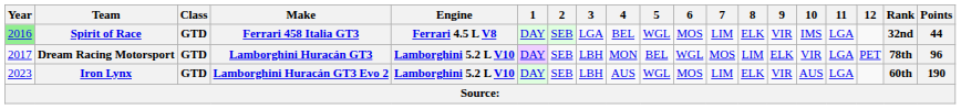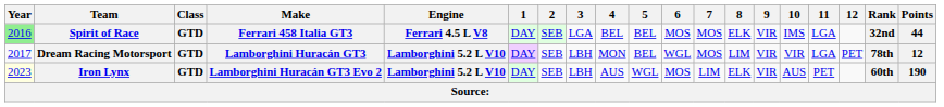 <table class="wikitable" style="text-align:center; font-size:85%">
 <tr>
 <th>Year</th>
 <th>Team</th>
 <th>Class</th>
 <th>Make</th>
 <th>Engine</th>
 <th>1</th>
 <th>2</th>
 <th>3</th>
 <th>4</th>
 <th>5</th>
 <th>6</th>
 <th>7</th>
 <th>8</th>
 <th>9</th>
 <th>10</th>
 <th>11</th>
 <th>12</th>
 <th>Rank</th>
 <th>Points</th>
 </tr>
 <tr>
 <td style="background: lightgreen;"><a href='#'>2016</a></td>
 <th nowrap><a href='#'>Spirit of Race</a></th>
 <th>GTD</th>
 <th nowrap><a href='#'>Ferrari 458 Italia GT3</a></th>
 <th nowrap><a href='#'>Ferrari</a> 4.5 L <a href='#'>V8</a></th>
 <td style="background:#DFFFDF;"><a href='#'>DAY</a><br></td>
 <td style="background:#DFFFDF;"><a href='#'>SEB</a><br></td>
 <td style="background:#;"><a href='#'>LGA</a><br></td>
 <td style="background:#;"><a href='#'>BEL</a><br></td>
-<td style="background:#;"><a href='#'>WGL</a><br></td>
+<td style="background:#;"><a href='#'>BEL</a><br></td>
 <td style="background:#;"><a href='#'>MOS</a><br></td>
-<td style="background:#;"><a href='#'>LIM</a><br></td>
+<td style="background:#;"><a href='#'>MOS</a><br></td>
 <td style="background:#;"><a href='#'>ELK</a><br></td>
 <td style="background:#;"><a href='#'>VIR</a><br></td>
 <td style="background:#;”"><a href='#'>IMS</a><br></td>
 <td style="background:#;"><a href='#'>LGA</a><br></td>
 <td></td>
 <th>32nd</th>
 <th>44</th>
 </tr>
 <tr>
 <td><a href='#'>2017</a></td>
 <th nowrap>Dream Racing Motorsport</th>
 <th>GTD</th>
 <th nowrap><a href='#'>Lamborghini Huracán GT3</a></th>
 <th nowrap><a href='#'>Lamborghini</a> 5.2 L <a href='#'>V10</a></th>
 <td style="background:#EFCFFF;"><a href='#'>DAY</a><br></td>
 <td style="background:#;"><a href='#'>SEB</a><br></td>
 <td style="background:#;"><a href='#'>LBH</a><br></td>
 <td style="background:#;”"><a href='#'>MON</a><br></td>
 <td style="background:#;"><a href='#'>BEL</a><br></td>
 <td style="background:#;"><a href='#'>WGL</a><br></td>
 <td style="background:#;"><a href='#'>MOS</a><br></td>
 <td style="background:#;"><a href='#'>LIM</a><br></td>
-<td style="background:#;"><a href='#'>ELK</a><br></td>
+<td style="background:#;"><a href='#'>VIR</a><br></td>
 <td style="background:#;"><a href='#'>VIR</a><br></td>
 <td style="background:#;"><a href='#'>LGA</a><br></td>
 <td style="background:#;"><a href='#'>PET</a><br></td>
 <th>78th</th>
-<th>96</th>
+<th>12</th>
 </tr>
 <tr>
-<td><a href='#'>2023</a></td>
+<td style="background: lightyellow;"><a href='#'>2023</a></td>
 <th nowrap><a href='#'>Iron Lynx</a></th>
 <th>GTD</th>
 <th nowrap><a href='#'>Lamborghini Huracán GT3 Evo 2</a></th>
 <th nowrap><a href='#'>Lamborghini</a> 5.2 L <a href='#'>V10</a></th>
 <td style="background:#DFFFDF;"><a href='#'>DAY</a><br></td>
 <td style="background:#;”"><a href='#'>SEB</a><br></td>
 <td style="background:#;”"><a href='#'>LBH</a><br></td>
 <td style="background:#;"><a href='#'>AUS</a><br></td>
 <td style="background:#;”"><a href='#'>WGL</a><br></td>
 <td style="background:#;”"><a href='#'>MOS</a><br></td>
 <td style="background:#;”"><a href='#'>LIM</a><br></td>
 <td style="background:#;”"><a href='#'>ELK</a><br></td>
 <td style="background:#;”"><a href='#'>VIR</a><br></td>
 <td style="background:#;"><a href='#'>AUS</a><br></td>
-<td style="background:#;"><a href='#'>LGA</a><br></td>
+<td style="background:#;”"><a href='#'>PET</a><br></td>
 <td></td>
 <th>60th</th>
 <th>190</th>
 </tr>
 <tr>
 <th colspan="19">Source:</th>
 </tr>
 </table>
